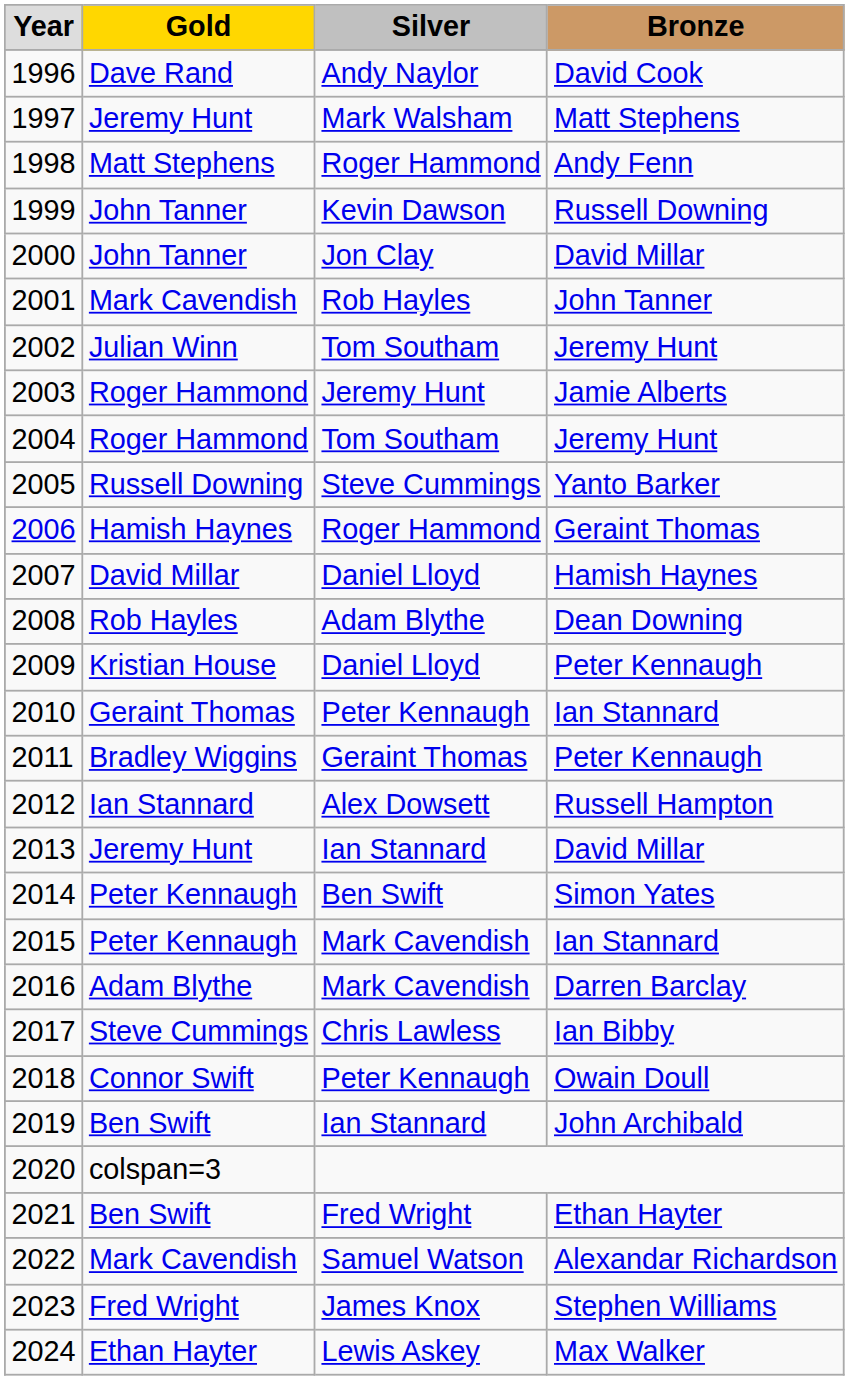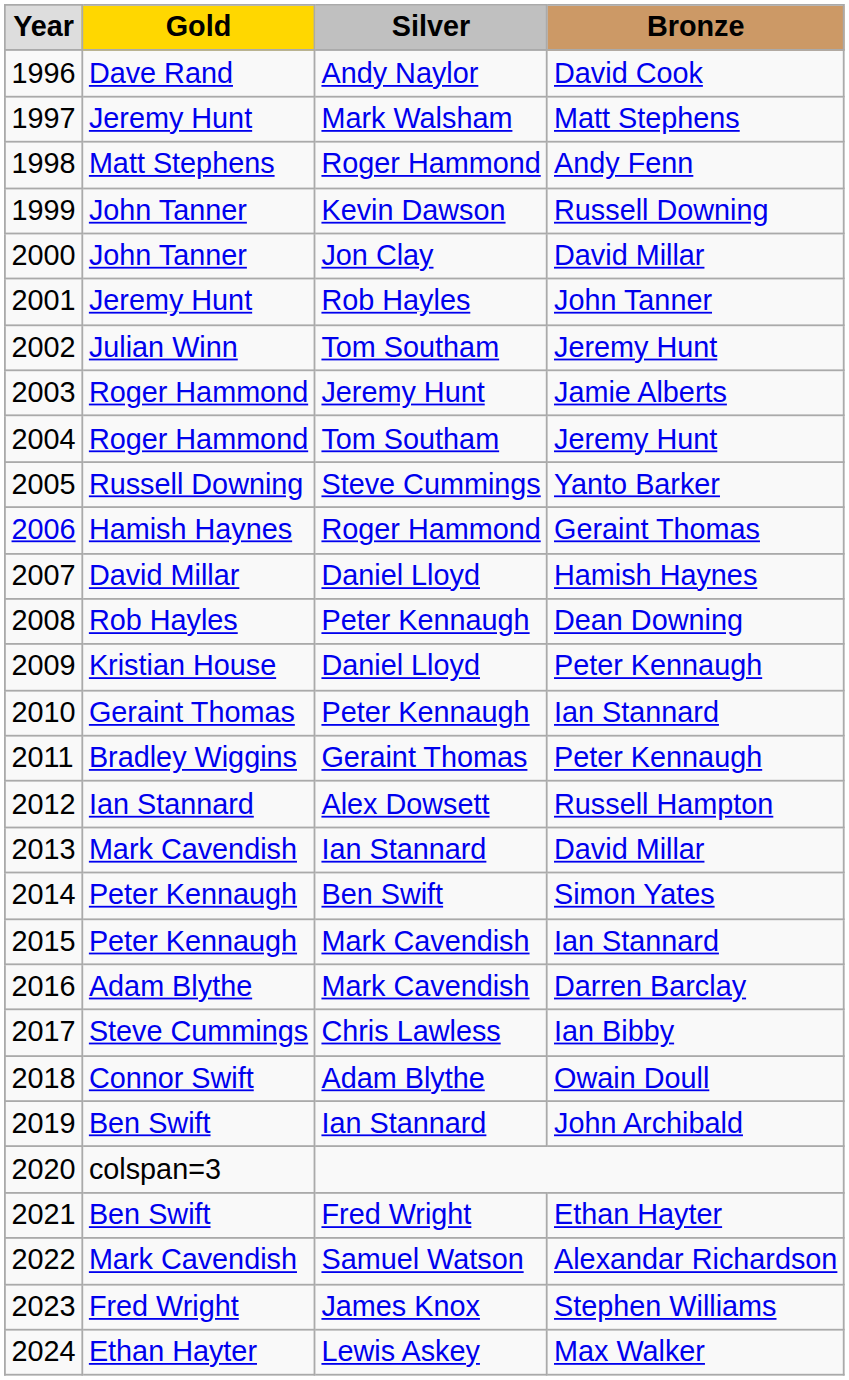 <table class="wikitable" style="text-align:left;">
 <tr style="text-align:center; font-weight:bold;">
 <td style="background:#ddd; ">Year</td>
 <td style="background:gold; ">Gold</td>
 <td style="background:silver; ">Silver</td>
 <td style="background:#c96; ">Bronze</td>
 </tr>
 <tr>
 <td>1996</td>
 <td><a href='#'>Dave Rand</a></td>
 <td><a href='#'>Andy Naylor</a></td>
 <td><a href='#'>David Cook</a></td>
 </tr>
 <tr>
 <td>1997</td>
 <td><a href='#'>Jeremy Hunt</a></td>
 <td><a href='#'>Mark Walsham</a></td>
 <td><a href='#'>Matt Stephens</a></td>
 </tr>
 <tr>
 <td>1998</td>
 <td><a href='#'>Matt Stephens</a></td>
 <td><a href='#'>Roger Hammond</a></td>
 <td><a href='#'>Andy Fenn</a></td>
 </tr>
 <tr>
 <td>1999</td>
 <td><a href='#'>John Tanner</a></td>
 <td><a href='#'>Kevin Dawson</a></td>
 <td><a href='#'>Russell Downing</a></td>
 </tr>
 <tr>
 <td>2000</td>
 <td><a href='#'>John Tanner</a></td>
 <td><a href='#'>Jon Clay</a></td>
 <td><a href='#'>David Millar</a></td>
 </tr>
 <tr>
 <td>2001</td>
-<td><a href='#'>Mark Cavendish</a></td>
+<td><a href='#'>Jeremy Hunt</a></td>
 <td><a href='#'>Rob Hayles</a></td>
 <td><a href='#'>John Tanner</a></td>
 </tr>
 <tr>
 <td>2002</td>
 <td><a href='#'>Julian Winn</a></td>
 <td><a href='#'>Tom Southam</a></td>
 <td><a href='#'>Jeremy Hunt</a></td>
 </tr>
 <tr>
 <td>2003</td>
 <td><a href='#'>Roger Hammond</a></td>
 <td><a href='#'>Jeremy Hunt</a></td>
 <td><a href='#'>Jamie Alberts</a></td>
 </tr>
 <tr>
 <td>2004</td>
 <td><a href='#'>Roger Hammond</a></td>
 <td><a href='#'>Tom Southam</a></td>
 <td><a href='#'>Jeremy Hunt</a></td>
 </tr>
 <tr>
 <td>2005</td>
 <td><a href='#'>Russell Downing</a></td>
 <td><a href='#'>Steve Cummings</a></td>
 <td><a href='#'>Yanto Barker</a></td>
 </tr>
 <tr>
 <td><a href='#'>2006</a></td>
 <td><a href='#'>Hamish Haynes</a></td>
 <td><a href='#'>Roger Hammond</a></td>
 <td><a href='#'>Geraint Thomas</a></td>
 </tr>
 <tr>
 <td>2007</td>
 <td><a href='#'>David Millar</a></td>
 <td><a href='#'>Daniel Lloyd</a></td>
 <td><a href='#'>Hamish Haynes</a></td>
 </tr>
 <tr>
 <td>2008</td>
 <td><a href='#'>Rob Hayles</a></td>
-<td><a href='#'>Adam Blythe</a></td>
+<td><a href='#'>Peter Kennaugh</a></td>
 <td><a href='#'>Dean Downing</a></td>
 </tr>
 <tr>
 <td>2009</td>
 <td><a href='#'>Kristian House</a></td>
 <td><a href='#'>Daniel Lloyd</a></td>
 <td><a href='#'>Peter Kennaugh</a></td>
 </tr>
 <tr>
 <td>2010</td>
 <td><a href='#'>Geraint Thomas</a></td>
 <td><a href='#'>Peter Kennaugh</a></td>
 <td><a href='#'>Ian Stannard</a></td>
 </tr>
 <tr>
 <td>2011</td>
 <td><a href='#'>Bradley Wiggins</a></td>
 <td><a href='#'>Geraint Thomas</a></td>
 <td><a href='#'>Peter Kennaugh</a></td>
 </tr>
 <tr>
 <td>2012</td>
 <td><a href='#'>Ian Stannard</a></td>
 <td><a href='#'>Alex Dowsett</a></td>
 <td><a href='#'>Russell Hampton</a></td>
 </tr>
 <tr>
 <td>2013</td>
-<td><a href='#'>Jeremy Hunt</a></td>
+<td><a href='#'>Mark Cavendish</a></td>
 <td><a href='#'>Ian Stannard</a></td>
 <td><a href='#'>David Millar</a></td>
 </tr>
 <tr>
 <td>2014</td>
 <td><a href='#'>Peter Kennaugh</a></td>
 <td><a href='#'>Ben Swift</a></td>
 <td><a href='#'>Simon Yates</a></td>
 </tr>
 <tr>
 <td>2015</td>
 <td><a href='#'>Peter Kennaugh</a></td>
 <td><a href='#'>Mark Cavendish</a></td>
 <td><a href='#'>Ian Stannard</a></td>
 </tr>
 <tr>
 <td>2016</td>
 <td><a href='#'>Adam Blythe</a></td>
 <td><a href='#'>Mark Cavendish</a></td>
 <td><a href='#'>Darren Barclay</a></td>
 </tr>
 <tr>
 <td>2017</td>
 <td><a href='#'>Steve Cummings</a></td>
 <td><a href='#'>Chris Lawless</a></td>
 <td><a href='#'>Ian Bibby</a></td>
 </tr>
 <tr>
 <td>2018</td>
 <td><a href='#'>Connor Swift</a></td>
-<td><a href='#'>Peter Kennaugh</a></td>
+<td><a href='#'>Adam Blythe</a></td>
 <td><a href='#'>Owain Doull</a></td>
 </tr>
 <tr>
 <td>2019</td>
 <td><a href='#'>Ben Swift</a></td>
 <td><a href='#'>Ian Stannard</a></td>
 <td><a href='#'>John Archibald</a></td>
 </tr>
 <tr>
 <td>2020</td>
 <td>colspan=3 </td>
 </tr>
 <tr>
 <td>2021</td>
 <td><a href='#'>Ben Swift</a></td>
 <td><a href='#'>Fred Wright</a></td>
 <td><a href='#'>Ethan Hayter</a></td>
 </tr>
 <tr>
 <td>2022</td>
 <td><a href='#'>Mark Cavendish</a></td>
 <td><a href='#'>Samuel Watson</a></td>
 <td><a href='#'>Alexandar Richardson</a></td>
 </tr>
 <tr>
 <td>2023</td>
 <td><a href='#'>Fred Wright</a></td>
 <td><a href='#'>James Knox</a></td>
 <td><a href='#'>Stephen Williams</a></td>
 </tr>
 <tr>
 <td>2024</td>
 <td><a href='#'>Ethan Hayter</a></td>
 <td><a href='#'>Lewis Askey</a></td>
 <td><a href='#'>Max Walker</a></td>
 </tr>
 </table>
